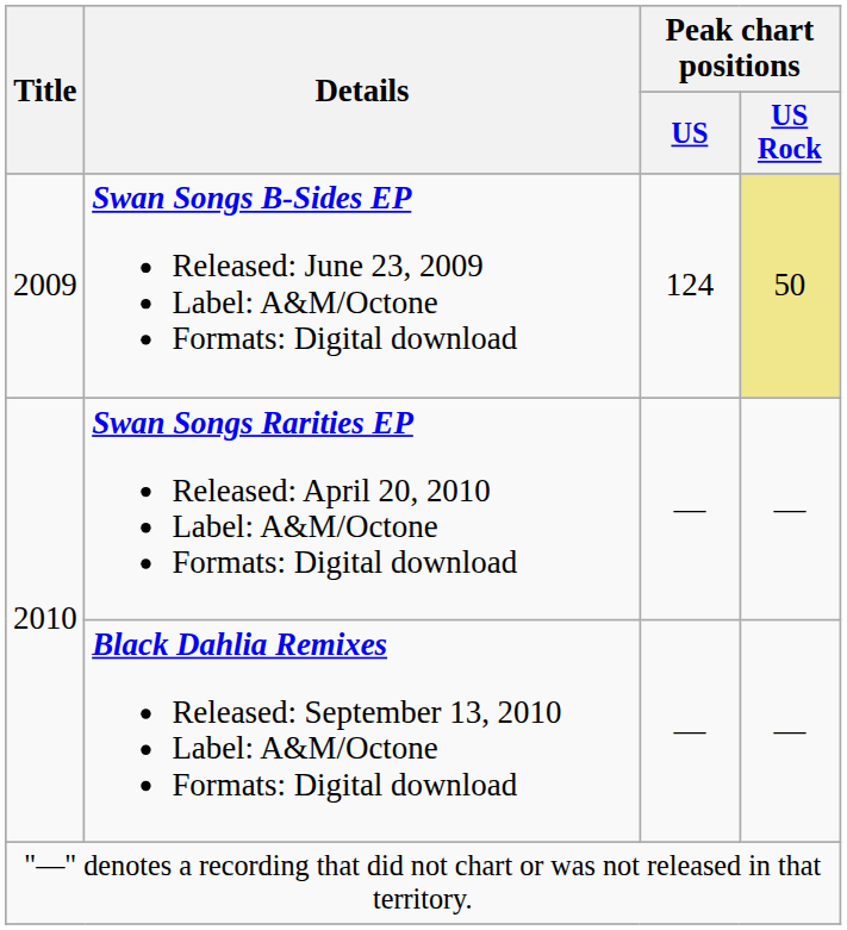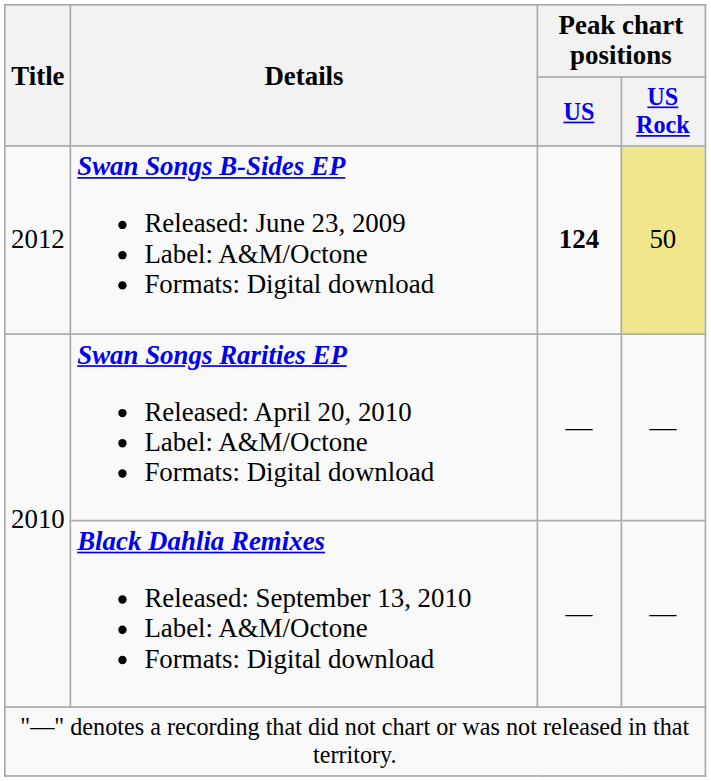 <table class="wikitable plainrowheaders" style="text-align:center;">
 <tr>
 <th scope="col" rowspan="2" style="width:30px;">Title</th>
 <th scope="col" rowspan="2" style="width:270px;">Details</th>
 <th scope="col" colspan="2">Peak chart positions</th>
 </tr>
 <tr>
 <th scope="col" style="width:3em;font-size:90%;"><a href='#'>US</a><br></th>
 <th scope="col" style="width:3em;font-size:90%;"><a href='#'>US<br>Rock</a><br></th>
 </tr>
 <tr>
-<td scope="row">2009</td>
+<td scope="row">2012</td>
 <td style="text-align:left;"><strong><em><a href='#'>Swan Songs B-Sides EP</a></em></strong><br><ul><li>Released: June 23, 2009</li><li>Label: A&M/Octone</li><li>Formats: Digital download</li></ul></td>
-<td>124</td>
+<td><strong>124</strong></td>
 <td style="background: khaki;">50</td>
 </tr>
 <tr>
 <td scope="row" rowspan=2>2010</td>
 <td style="text-align:left;"><strong><em><a href='#'>Swan Songs Rarities EP</a></em></strong><br><ul><li>Released: April 20, 2010</li><li>Label: A&M/Octone</li><li>Formats: Digital download</li></ul></td>
 <td>—</td>
 <td>—</td>
 </tr>
 <tr>
 <td style="text-align:left;"><strong><em><a href='#'>Black Dahlia Remixes</a></em></strong><br><ul><li>Released: September 13, 2010</li><li>Label: A&M/Octone</li><li>Formats: Digital download</li></ul></td>
 <td>—</td>
 <td>—</td>
 </tr>
 <tr>
 <td colspan="5" style="font-size:90%">"—" denotes a recording that did not chart or was not released in that territory.</td>
 </tr>
 </table>
